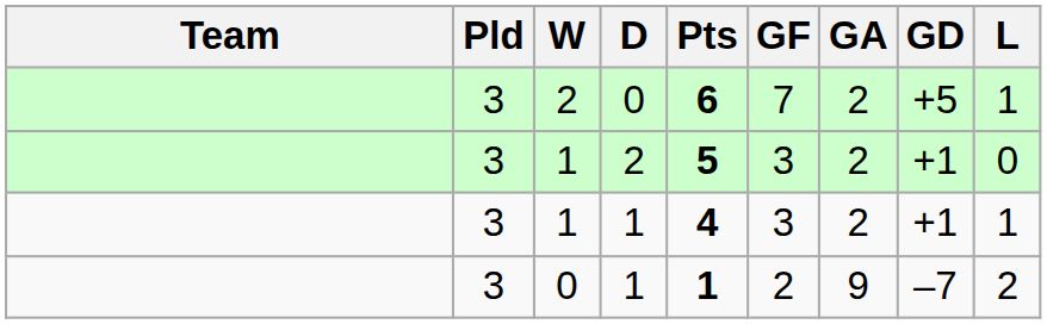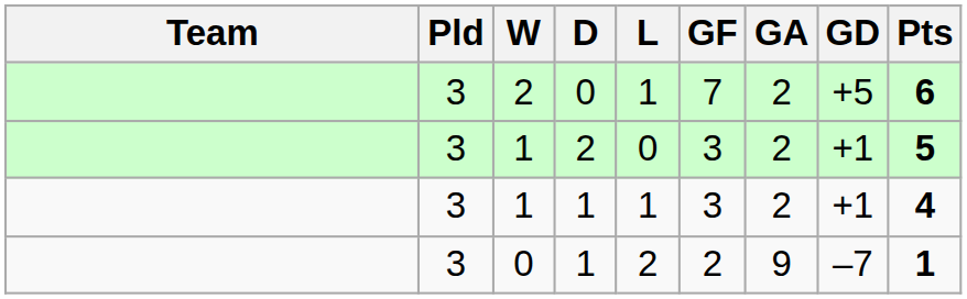 <table class="wikitable" style="text-align:center;">
 <tr>
 <th width=175>Team</th>
 <th width=20 abbr="Played">Pld</th>
 <th width=20 abbr="Won">W</th>
 <th width=20 abbr="Drawn">D</th>
-<th width=20 abbr="Points">Pts</th>
+<th width=20 abbr="Lost">L</th>
 <th width=20 abbr="Goals for">GF</th>
 <th width=20 abbr="Goals against">GA</th>
 <th width=20 abbr="Goal difference">GD</th>
-<th width=20 abbr="Lost">L</th>
+<th width=20 abbr="Points">Pts</th>
 </tr>
 <tr style="background:#ccffcc;">
 <td style="text-align:left;"></td>
 <td>3</td>
 <td>2</td>
 <td>0</td>
-<td><strong>6</strong></td>
+<td>1</td>
 <td>7</td>
 <td>2</td>
 <td>+5</td>
-<td>1</td>
+<td><strong>6</strong></td>
 </tr>
 <tr style="background:#ccffcc;">
 <td style="text-align:left;"></td>
 <td>3</td>
 <td>1</td>
 <td>2</td>
-<td><strong>5</strong></td>
+<td>0</td>
 <td>3</td>
 <td>2</td>
 <td>+1</td>
-<td>0</td>
+<td><strong>5</strong></td>
 </tr>
 <tr>
 <td style="text-align:left;"></td>
 <td>3</td>
 <td>1</td>
 <td>1</td>
-<td><strong>4</strong></td>
+<td>1</td>
 <td>3</td>
 <td>2</td>
 <td>+1</td>
-<td>1</td>
+<td><strong>4</strong></td>
 </tr>
 <tr>
 <td style="text-align:left;"></td>
 <td>3</td>
 <td>0</td>
 <td>1</td>
-<td><strong>1</strong></td>
+<td>2</td>
 <td>2</td>
 <td>9</td>
 <td>–7</td>
-<td>2</td>
+<td><strong>1</strong></td>
 </tr>
 </table>
